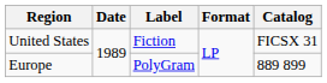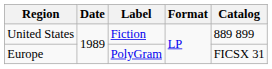 <table class="wikitable">
 <tr>
 <th>Region</th>
 <th>Date</th>
 <th>Label</th>
 <th>Format</th>
 <th>Catalog</th>
 </tr>
 <tr>
 <td>United States</td>
 <td rowspan="2">1989</td>
 <td><a href='#'>Fiction</a></td>
 <td rowspan="2"><a href='#'>LP</a></td>
-<td>FICSX 31</td>
+<td>889 899</td>
 </tr>
 <tr>
 <td>Europe</td>
 <td><a href='#'>PolyGram</a></td>
-<td>889 899</td>
+<td>FICSX 31</td>
 </tr>
 </table>
